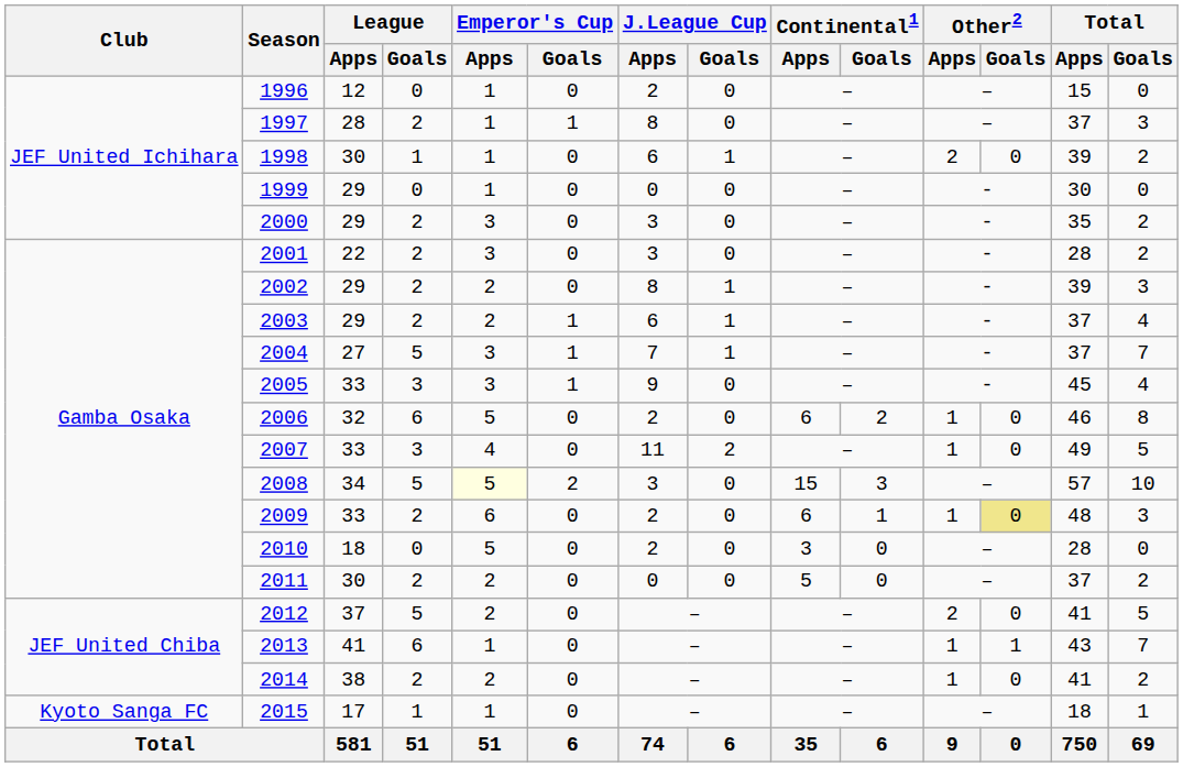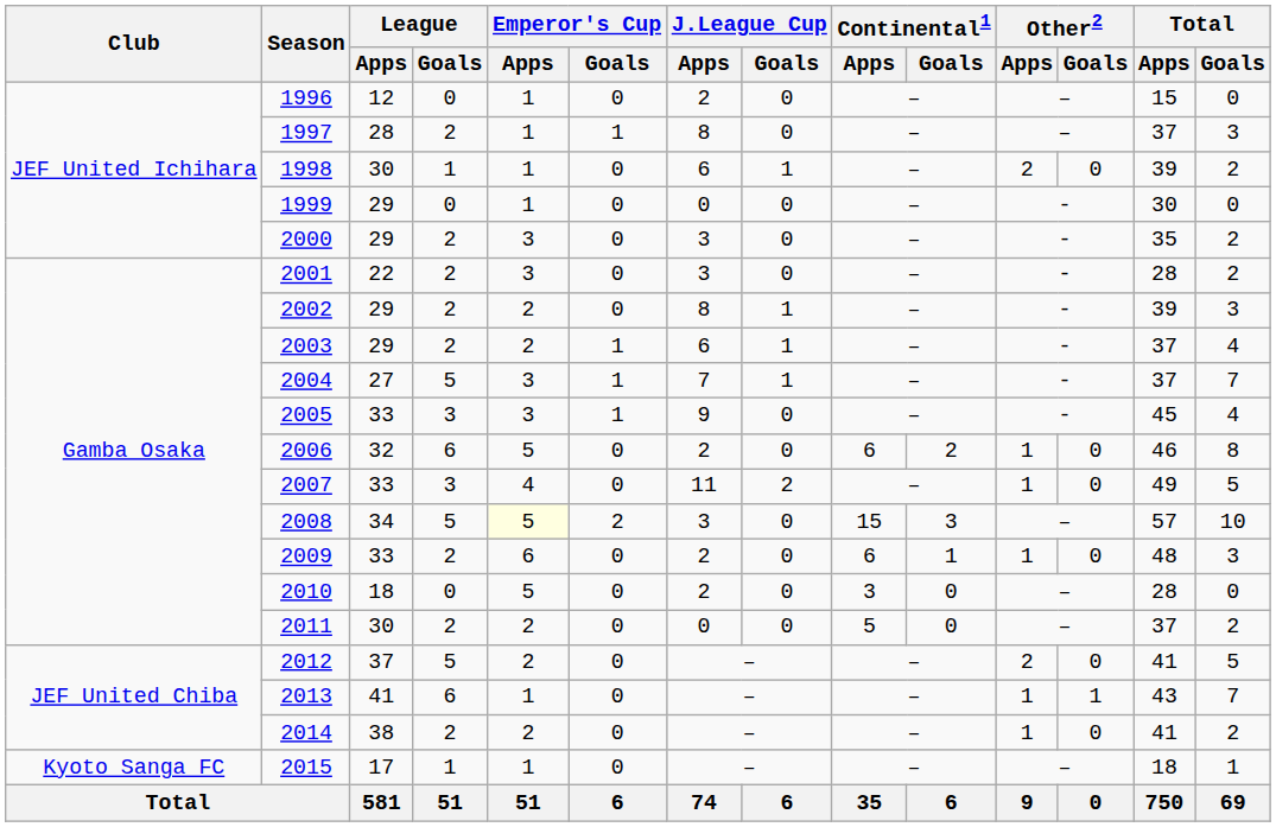 <table class="wikitable" style="text-align:center;">
 <tr>
 <th rowspan=2>Club</th>
 <th rowspan=2>Season</th>
 <th colspan=2>League</th>
 <th colspan=2><a href='#'>Emperor's Cup</a></th>
 <th colspan=2><a href='#'>J.League Cup</a></th>
 <th colspan=2>Continental<sup><a href='#'>1</a></sup></th>
 <th colspan=2>Other<sup><a href='#'>2</a></sup></th>
 <th colspan=2>Total</th>
 </tr>
 <tr>
 <th>Apps</th>
 <th>Goals</th>
 <th>Apps</th>
 <th>Goals</th>
 <th>Apps</th>
 <th>Goals</th>
 <th>Apps</th>
 <th>Goals</th>
 <th>Apps</th>
 <th>Goals</th>
 <th>Apps</th>
 <th>Goals</th>
 </tr>
 <tr>
 <td rowspan="5"><a href='#'>JEF United Ichihara</a></td>
 <td><a href='#'>1996</a></td>
 <td>12</td>
 <td>0</td>
 <td>1</td>
 <td>0</td>
 <td>2</td>
 <td>0</td>
 <td colspan="2">–</td>
 <td colspan="2">–</td>
 <td>15</td>
 <td>0</td>
 </tr>
 <tr>
 <td><a href='#'>1997</a></td>
 <td>28</td>
 <td>2</td>
 <td>1</td>
 <td>1</td>
 <td>8</td>
 <td>0</td>
 <td colspan="2">–</td>
 <td colspan="2">–</td>
 <td>37</td>
 <td>3</td>
 </tr>
 <tr>
 <td><a href='#'>1998</a></td>
 <td>30</td>
 <td>1</td>
 <td>1</td>
 <td>0</td>
 <td>6</td>
 <td>1</td>
 <td colspan="2">–</td>
 <td>2</td>
 <td>0</td>
 <td>39</td>
 <td>2</td>
 </tr>
 <tr>
 <td><a href='#'>1999</a></td>
 <td>29</td>
 <td>0</td>
 <td>1</td>
 <td>0</td>
 <td>0</td>
 <td>0</td>
 <td colspan="2">–</td>
 <td colspan="2">-</td>
 <td>30</td>
 <td>0</td>
 </tr>
 <tr>
 <td><a href='#'>2000</a></td>
 <td>29</td>
 <td>2</td>
 <td>3</td>
 <td>0</td>
 <td>3</td>
 <td>0</td>
 <td colspan="2">–</td>
 <td colspan="2">-</td>
 <td>35</td>
 <td>2</td>
 </tr>
 <tr>
 <td rowspan="11"><a href='#'>Gamba Osaka</a></td>
 <td><a href='#'>2001</a></td>
 <td>22</td>
 <td>2</td>
 <td>3</td>
 <td>0</td>
 <td>3</td>
 <td>0</td>
 <td colspan="2">–</td>
 <td colspan="2">-</td>
 <td>28</td>
 <td>2</td>
 </tr>
 <tr>
 <td><a href='#'>2002</a></td>
 <td>29</td>
 <td>2</td>
 <td>2</td>
 <td>0</td>
 <td>8</td>
 <td>1</td>
 <td colspan="2">–</td>
 <td colspan="2">-</td>
 <td>39</td>
 <td>3</td>
 </tr>
 <tr>
 <td><a href='#'>2003</a></td>
 <td>29</td>
 <td>2</td>
 <td>2</td>
 <td>1</td>
 <td>6</td>
 <td>1</td>
 <td colspan="2">–</td>
 <td colspan="2">-</td>
 <td>37</td>
 <td>4</td>
 </tr>
 <tr>
 <td><a href='#'>2004</a></td>
 <td>27</td>
 <td>5</td>
 <td>3</td>
 <td>1</td>
 <td>7</td>
 <td>1</td>
 <td colspan="2">–</td>
 <td colspan="2">-</td>
 <td>37</td>
 <td>7</td>
 </tr>
 <tr>
 <td><a href='#'>2005</a></td>
 <td>33</td>
 <td>3</td>
 <td>3</td>
 <td>1</td>
 <td>9</td>
 <td>0</td>
 <td colspan="2">–</td>
 <td colspan="2">-</td>
 <td>45</td>
 <td>4</td>
 </tr>
 <tr>
 <td><a href='#'>2006</a></td>
 <td>32</td>
 <td>6</td>
 <td>5</td>
 <td>0</td>
 <td>2</td>
 <td>0</td>
 <td>6</td>
 <td>2</td>
 <td>1</td>
 <td>0</td>
 <td>46</td>
 <td>8</td>
 </tr>
 <tr>
 <td><a href='#'>2007</a></td>
 <td>33</td>
 <td>3</td>
 <td>4</td>
 <td>0</td>
 <td>11</td>
 <td>2</td>
 <td colspan="2">–</td>
 <td>1</td>
 <td>0</td>
 <td>49</td>
 <td>5</td>
 </tr>
 <tr>
 <td><a href='#'>2008</a></td>
 <td>34</td>
 <td>5</td>
 <td style="background: lightyellow;">5</td>
 <td>2</td>
 <td>3</td>
 <td>0</td>
 <td>15</td>
 <td>3</td>
 <td colspan="2">–</td>
 <td>57</td>
 <td>10</td>
 </tr>
 <tr>
 <td><a href='#'>2009</a></td>
 <td>33</td>
 <td>2</td>
 <td>6</td>
 <td>0</td>
 <td>2</td>
 <td>0</td>
 <td>6</td>
 <td>1</td>
 <td>1</td>
-<td style="background: khaki;">0</td>
+<td>0</td>
 <td>48</td>
 <td>3</td>
 </tr>
 <tr>
 <td><a href='#'>2010</a></td>
 <td>18</td>
 <td>0</td>
 <td>5</td>
 <td>0</td>
 <td>2</td>
 <td>0</td>
 <td>3</td>
 <td>0</td>
 <td colspan="2">–</td>
 <td>28</td>
 <td>0</td>
 </tr>
 <tr>
 <td><a href='#'>2011</a></td>
 <td>30</td>
 <td>2</td>
 <td>2</td>
 <td>0</td>
 <td>0</td>
 <td>0</td>
 <td>5</td>
 <td>0</td>
 <td colspan="2">–</td>
 <td>37</td>
 <td>2</td>
 </tr>
 <tr>
 <td rowspan="3"><a href='#'>JEF United Chiba</a></td>
 <td><a href='#'>2012</a></td>
 <td>37</td>
 <td>5</td>
 <td>2</td>
 <td>0</td>
 <td colspan="2">–</td>
 <td colspan="2">–</td>
 <td>2</td>
 <td>0</td>
 <td>41</td>
 <td>5</td>
 </tr>
 <tr>
 <td><a href='#'>2013</a></td>
 <td>41</td>
 <td>6</td>
 <td>1</td>
 <td>0</td>
 <td colspan="2">–</td>
 <td colspan="2">–</td>
 <td>1</td>
 <td>1</td>
 <td>43</td>
 <td>7</td>
 </tr>
 <tr>
 <td><a href='#'>2014</a></td>
 <td>38</td>
 <td>2</td>
 <td>2</td>
 <td>0</td>
 <td colspan="2">–</td>
 <td colspan="2">–</td>
 <td>1</td>
 <td>0</td>
 <td>41</td>
 <td>2</td>
 </tr>
 <tr>
 <td><a href='#'>Kyoto Sanga FC</a></td>
 <td><a href='#'>2015</a></td>
 <td>17</td>
 <td>1</td>
 <td>1</td>
 <td>0</td>
 <td colspan="2">–</td>
 <td colspan="2">–</td>
 <td colspan="2">–</td>
 <td>18</td>
 <td>1</td>
 </tr>
 <tr>
 <th colspan=2>Total</th>
 <th>581</th>
 <th>51</th>
 <th>51</th>
 <th>6</th>
 <th>74</th>
 <th>6</th>
 <th>35</th>
 <th>6</th>
 <th>9</th>
 <th>0</th>
 <th>750</th>
 <th>69</th>
 </tr>
 </table>
